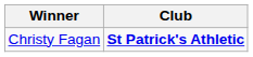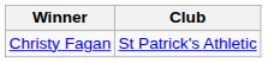 <table class="wikitable">
 <tr>
 <th>Winner</th>
 <th>Club</th>
 </tr>
 <tr>
 <td><a href='#'>Christy Fagan</a></td>
-<td><strong><a href='#'>St Patrick's Athletic</a></strong></td>
+<td><a href='#'>St Patrick's Athletic</a></td>
 </tr>
 </table>
